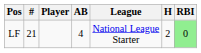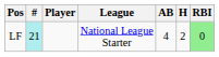 <table class="wikitable sortable">
 <tr>
 <th>Pos</th>
 <th>#</th>
 <th>Player</th>
+<th>League</th>
 <th>AB</th>
-<th>League</th>
 <th>H</th>
 <th>RBI</th>
 </tr>
 <tr align="center">
 <td>LF</td>
-<td>21</td>
+<td style="background: paleturquoise;">21</td>
 <td></td>
+<td><a href='#'>National League</a><br>Starter</td>
 <td>4</td>
-<td><a href='#'>National League</a><br>Starter</td>
 <td>2</td>
 <td style="background: lightgreen;">0</td>
 </tr>
 </table>
